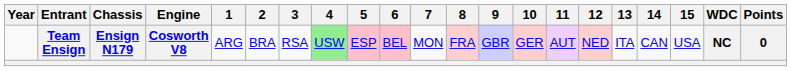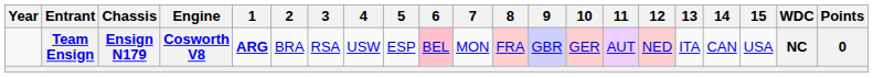 <table class="wikitable" style="text-align:center; font-size:90%">
 <tr>
 <th>Year</th>
 <th>Entrant</th>
 <th>Chassis</th>
 <th>Engine</th>
 <th>1</th>
 <th>2</th>
 <th>3</th>
 <th>4</th>
 <th>5</th>
 <th>6</th>
 <th>7</th>
 <th>8</th>
 <th>9</th>
 <th>10</th>
 <th>11</th>
 <th>12</th>
 <th>13</th>
 <th>14</th>
 <th>15</th>
 <th>WDC</th>
 <th>Points</th>
 </tr>
 <tr>
 <td></td>
 <th><a href='#'>Team Ensign</a></th>
 <th><a href='#'>Ensign</a> <a href='#'>N179</a></th>
 <th><a href='#'>Cosworth</a> <a href='#'>V8</a></th>
-<td><a href='#'>ARG</a></td>
+<td><strong><a href='#'>ARG</a></strong></td>
 <td><a href='#'>BRA</a></td>
 <td><a href='#'>RSA</a></td>
-<td style="background: lightgreen;"><a href='#'>USW</a></td>
-<td style="background: pink;"><a href='#'>ESP</a></td>
+<td><a href='#'>USW</a></td>
+<td><a href='#'>ESP</a></td>
 <td style="background: pink;"><a href='#'>BEL</a></td>
 <td><a href='#'>MON</a></td>
 <td style="background:#FFCFCF;"><a href='#'>FRA</a><br></td>
 <td style="background:#CFCFFF;"><a href='#'>GBR</a><br></td>
 <td style="background:#FFCFCF;"><a href='#'>GER</a><br></td>
 <td style="background:#EFCFFF;"><a href='#'>AUT</a><br></td>
 <td style="background:#FFCFCF;"><a href='#'>NED</a><br></td>
 <td><a href='#'>ITA</a></td>
 <td><a href='#'>CAN</a></td>
 <td><a href='#'>USA</a></td>
 <th>NC</th>
 <th>0</th>
 </tr>
 <tr>
 <th colspan="21"></th>
 </tr>
 </table>
